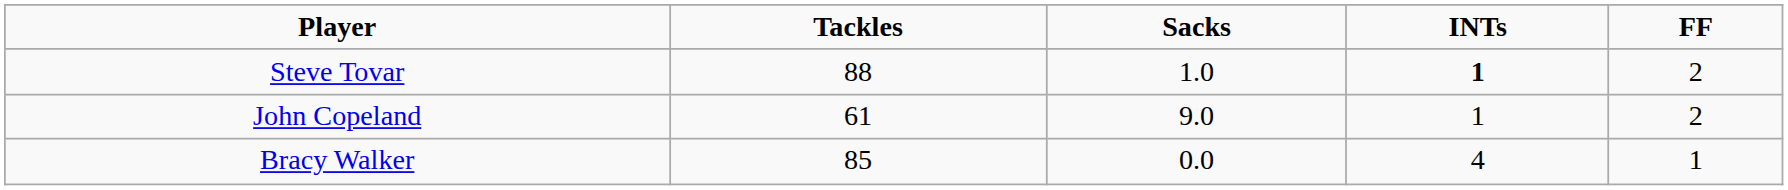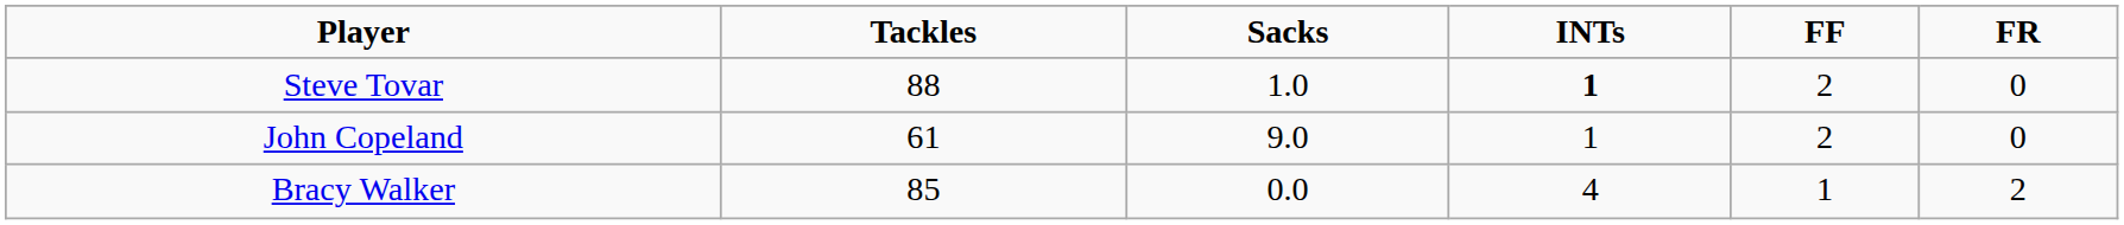 <table class="wikitable" width="80%">
 <tr align="center">
 <td><strong>Player</strong></td>
 <td><strong>Tackles</strong></td>
 <td><strong>Sacks</strong></td>
 <td><strong>INTs</strong></td>
 <td><strong>FF</strong></td>
+<td><strong>FR</strong></td>
 </tr>
 <tr align="center" bgcolor="">
 <td><a href='#'>Steve Tovar</a></td>
 <td>88</td>
 <td>1.0</td>
 <td><strong>1</strong></td>
 <td>2</td>
+<td>0</td>
 </tr>
 <tr align="center" bgcolor="">
 <td><a href='#'>John Copeland</a></td>
 <td>61</td>
 <td>9.0</td>
 <td>1</td>
 <td>2</td>
+<td>0</td>
 </tr>
 <tr align="center" bgcolor="">
 <td><a href='#'>Bracy Walker</a></td>
 <td>85</td>
 <td>0.0</td>
 <td>4</td>
 <td>1</td>
+<td>2</td>
 </tr>
 </table>
